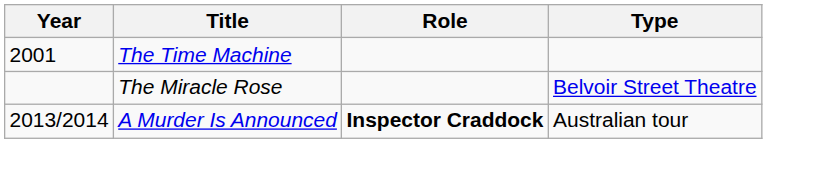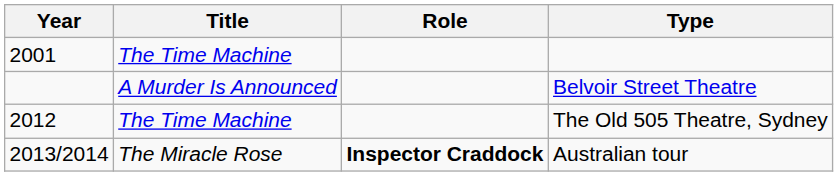 <table class="wikitable">
 <tr>
 <th>Year</th>
 <th>Title</th>
 <th>Role</th>
 <th>Type</th>
 </tr>
 <tr>
 <td>2001</td>
 <td><em><a href='#'>The Time Machine</a></em></td>
 <td></td>
 <td></td>
 </tr>
 <tr>
 <td></td>
-<td><em>The Miracle Rose</em></td>
+<td><em><a href='#'>A Murder Is Announced</a></em></td>
 <td></td>
 <td><a href='#'>Belvoir Street Theatre</a></td>
 </tr>
 <tr>
+<td>2012</td>
+<td><em><a href='#'>The Time Machine</a></em></td>
+<td></td>
+<td>The Old 505 Theatre, Sydney</td>
+</tr>
+<tr>
 <td>2013/2014</td>
-<td><em><a href='#'>A Murder Is Announced</a></em></td>
+<td><em>The Miracle Rose</em></td>
 <td><strong>Inspector Craddock</strong></td>
 <td>Australian tour</td>
 </tr>
 </table>
